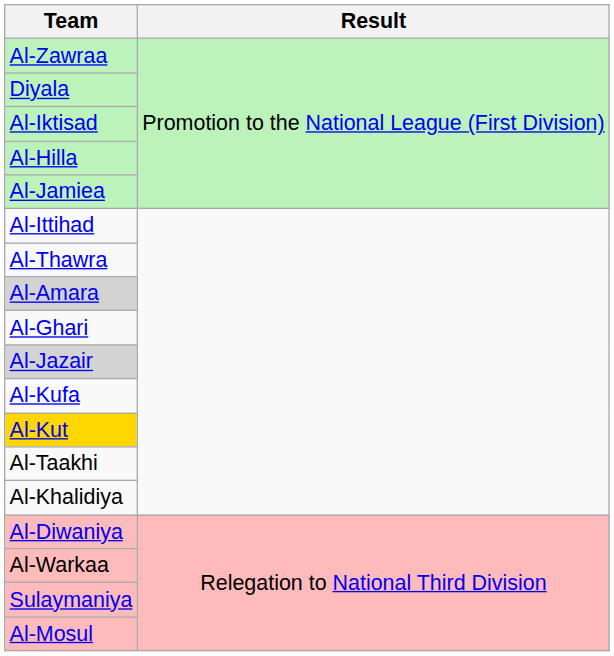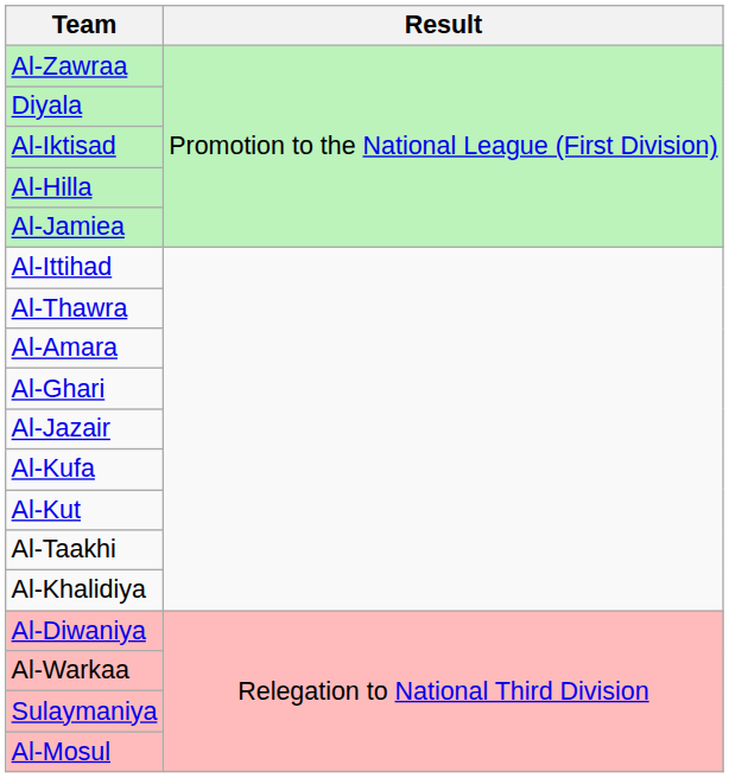 <table class="wikitable" style="text-align: center;">
 <tr>
 <th>Team</th>
 <th>Result</th>
 </tr>
 <tr>
 <td style="background:#BBF3BB; text-align: left"><a href='#'>Al-Zawraa</a></td>
 <td style="background:#BBF3BB;" rowspan=5>Promotion to the <a href='#'>National League (First Division)</a></td>
 </tr>
 <tr>
 <td style="background:#BBF3BB; text-align: left"><a href='#'>Diyala</a></td>
 </tr>
 <tr>
 <td style="background:#BBF3BB; text-align: left"><a href='#'>Al-Iktisad</a></td>
 </tr>
 <tr>
 <td style="background:#BBF3BB; text-align: left"><a href='#'>Al-Hilla</a></td>
 </tr>
 <tr>
 <td style="background:#BBF3BB; text-align: left"><a href='#'>Al-Jamiea</a></td>
 </tr>
 <tr>
 <td style="text-align: left"><a href='#'>Al-Ittihad</a></td>
 </tr>
 <tr>
 <td style="text-align: left"><a href='#'>Al-Thawra</a></td>
 </tr>
 <tr>
-<td style="background: lightgrey; text-align: left"><a href='#'>Al-Amara</a></td>
+<td style="text-align: left"><a href='#'>Al-Amara</a></td>
 </tr>
 <tr>
 <td style="text-align: left"><a href='#'>Al-Ghari</a></td>
 </tr>
 <tr>
-<td style="background: lightgrey; text-align: left"><a href='#'>Al-Jazair</a></td>
+<td style="text-align: left"><a href='#'>Al-Jazair</a></td>
 </tr>
 <tr>
 <td style="text-align: left"><a href='#'>Al-Kufa</a></td>
 </tr>
 <tr>
-<td style="background: gold; text-align: left"><a href='#'>Al-Kut</a></td>
+<td style="text-align: left"><a href='#'>Al-Kut</a></td>
 </tr>
 <tr>
 <td style="text-align: left">Al-Taakhi</td>
 </tr>
 <tr>
 <td style="text-align: left">Al-Khalidiya</td>
 </tr>
 <tr>
 <td style="background:#FFBBBB; text-align: left"><a href='#'>Al-Diwaniya</a></td>
 <td style="background:#FFBBBB;" rowspan=4>Relegation to <a href='#'>National Third Division</a></td>
 </tr>
 <tr>
 <td style="background:#FFBBBB; text-align: left">Al-Warkaa</td>
 </tr>
 <tr>
 <td style="background:#FFBBBB; text-align: left"><a href='#'>Sulaymaniya</a></td>
 </tr>
 <tr>
 <td style="background:#FFBBBB; text-align: left"><a href='#'>Al-Mosul</a></td>
 </tr>
 </table>
